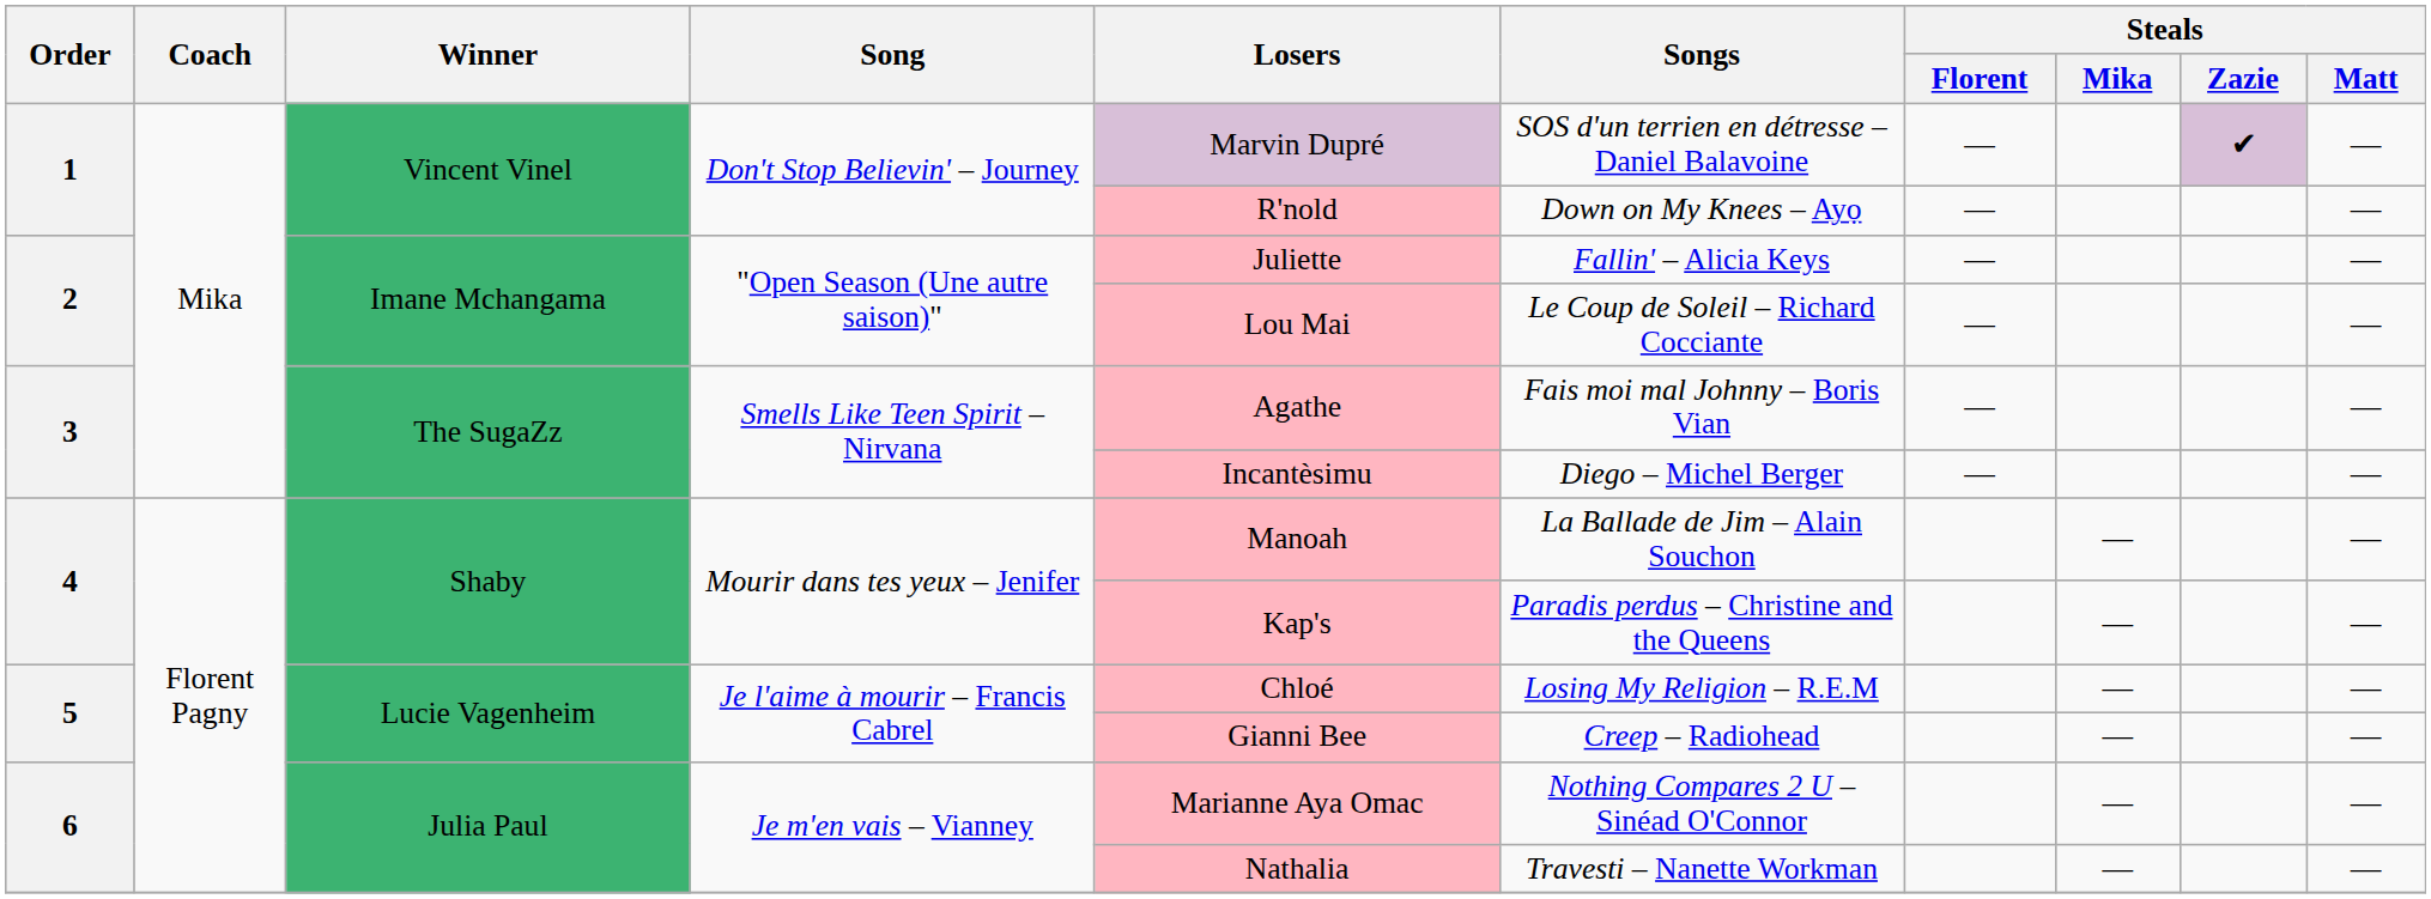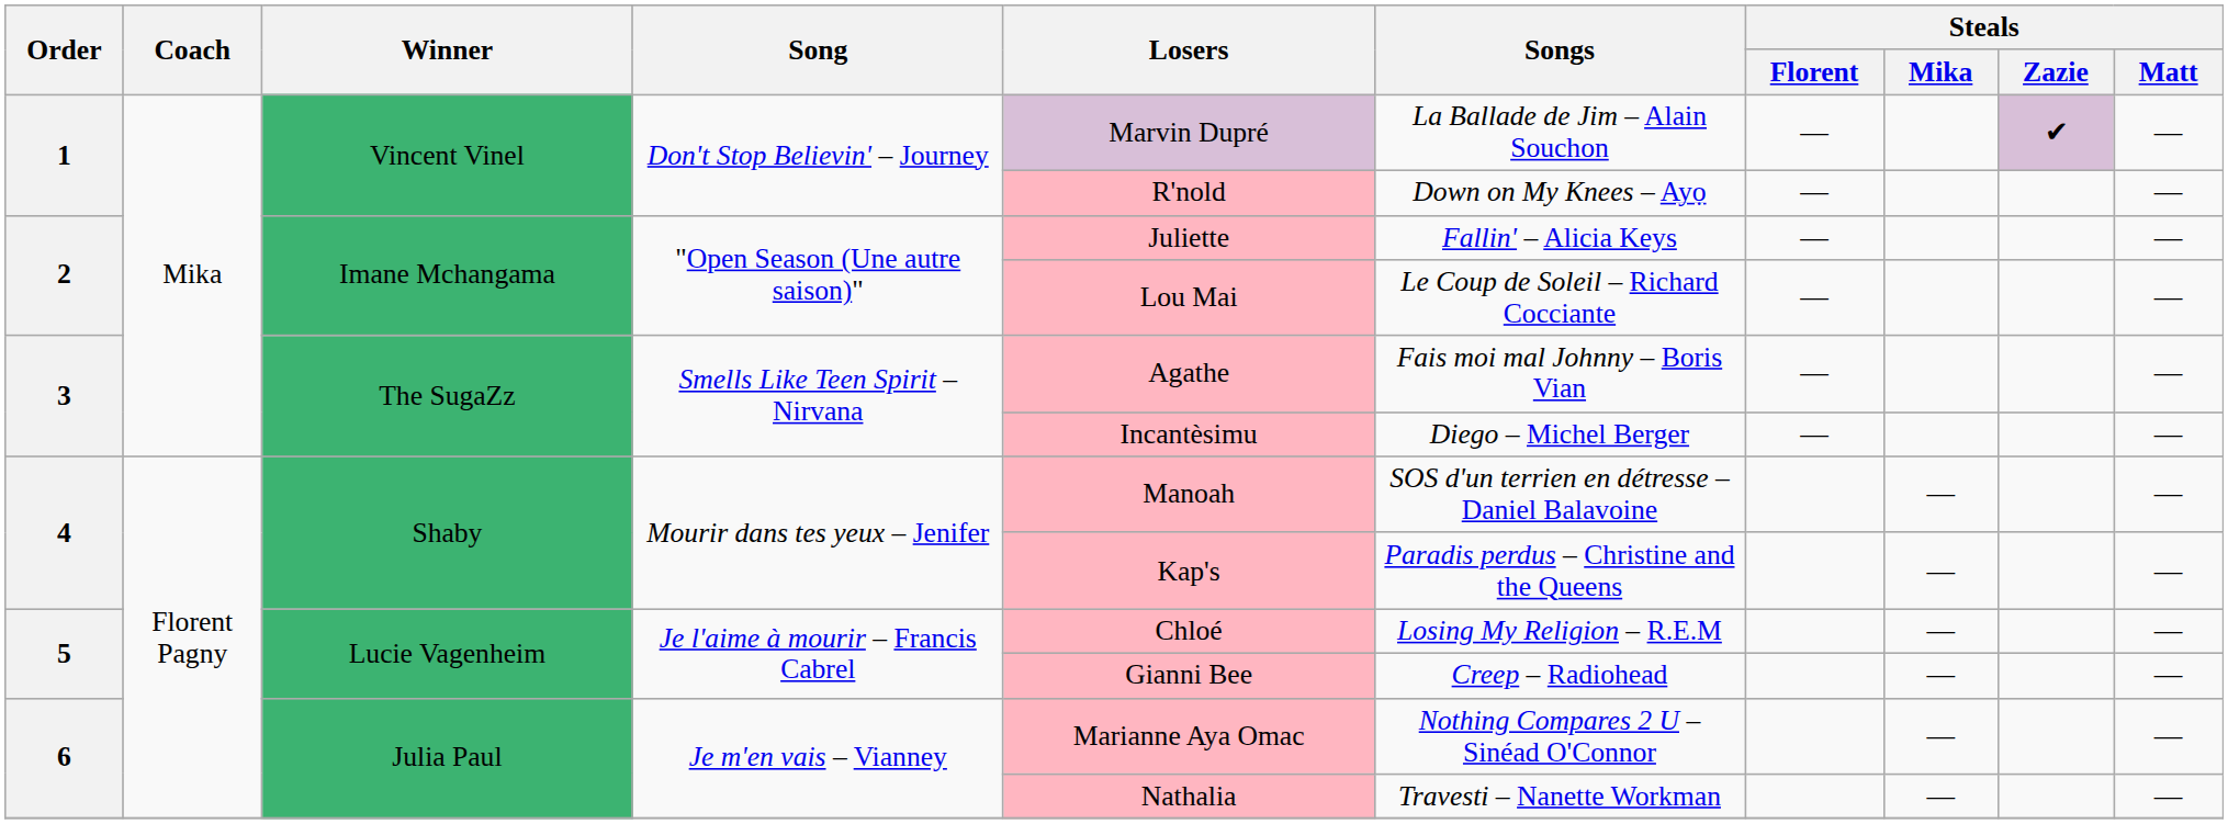 <table class="wikitable" style="text-align:center; width:100%;">
 <tr>
 <th scope="col" style="width:02%;" rowspan="2">Order</th>
 <th scope="col" style="width:03%;" rowspan="2">Coach</th>
 <th scope="col" style="width:10%;" rowspan="2">Winner</th>
 <th scope="col" style="width:10%;" rowspan="2">Song</th>
 <th scope="col" style="width:10%;" rowspan="2">Losers</th>
 <th scope="col" style="width:10%;" rowspan="2">Songs</th>
 <th scope="col" style="width:10%;" colspan="4">Steals</th>
 </tr>
 <tr>
 <th style="width:02.5%;"><a href='#'>Florent</a></th>
 <th style="width:02.5%;"><a href='#'>Mika</a></th>
 <th style="width:02.5%;"><a href='#'>Zazie</a></th>
 <th style="width:02.5%;"><a href='#'>Matt</a></th>
 </tr>
 <tr>
 <th rowspan="2">1</th>
 <td rowspan="6">Mika</td>
 <td rowspan="2" style="background:mediumseagreen">Vincent Vinel</td>
 <td rowspan="2"><em><a href='#'>Don't Stop Believin'</a></em> – <a href='#'>Journey</a></td>
 <td style="background:thistle">Marvin Dupré</td>
-<td><em>SOS d'un terrien en détresse</em> – <a href='#'>Daniel Balavoine</a></td>
+<td><em>La Ballade de Jim</em> – <a href='#'>Alain Souchon</a></td>
 <td>—</td>
 <td></td>
 <td style="background:thistle">✔</td>
 <td>—</td>
 </tr>
 <tr>
 <td style="background:lightpink">R'nold</td>
 <td><em>Down on My Knees</em> – <a href='#'>Ayọ</a></td>
 <td>—</td>
 <td></td>
 <td></td>
 <td>—</td>
 </tr>
 <tr>
 <th rowspan="2">2</th>
 <td rowspan="2" style="background:mediumseagreen">Imane Mchangama</td>
 <td rowspan="2">"<a href='#'>Open Season (Une autre saison)</a>"</td>
 <td style="background:lightpink">Juliette</td>
 <td><em><a href='#'>Fallin'</a></em> – <a href='#'>Alicia Keys</a></td>
 <td>—</td>
 <td></td>
 <td></td>
 <td>—</td>
 </tr>
 <tr>
 <td style="background:lightpink">Lou Mai</td>
 <td><em>Le Coup de Soleil</em> – <a href='#'>Richard Cocciante</a></td>
 <td>—</td>
 <td></td>
 <td></td>
 <td>—</td>
 </tr>
 <tr>
 <th rowspan="2">3</th>
 <td rowspan="2" style="background:mediumseagreen">The SugaZz</td>
 <td rowspan="2"><em><a href='#'>Smells Like Teen Spirit</a></em> – <a href='#'>Nirvana</a></td>
 <td style="background:lightpink">Agathe</td>
 <td><em>Fais moi mal Johnny</em> – <a href='#'>Boris Vian</a></td>
 <td>—</td>
 <td></td>
 <td></td>
 <td>—</td>
 </tr>
 <tr>
 <td style="background:lightpink">Incantèsimu</td>
 <td><em>Diego</em> – <a href='#'>Michel Berger</a></td>
 <td>—</td>
 <td></td>
 <td></td>
 <td>—</td>
 </tr>
 <tr>
 <th rowspan="2">4</th>
 <td rowspan="6">Florent Pagny</td>
 <td rowspan="2" style="background:mediumseagreen">Shaby</td>
 <td rowspan="2"><em>Mourir dans tes yeux</em> – <a href='#'>Jenifer</a></td>
 <td style="background:lightpink">Manoah</td>
-<td><em>La Ballade de Jim</em> – <a href='#'>Alain Souchon</a></td>
+<td><em>SOS d'un terrien en détresse</em> – <a href='#'>Daniel Balavoine</a></td>
 <td></td>
 <td>—</td>
 <td></td>
 <td>—</td>
 </tr>
 <tr>
 <td style="background:lightpink">Kap's</td>
 <td><em><a href='#'>Paradis perdus</a></em> – <a href='#'>Christine and the Queens</a></td>
 <td></td>
 <td>—</td>
 <td></td>
 <td>—</td>
 </tr>
 <tr>
 <th rowspan="2">5</th>
 <td rowspan="2" style="background:mediumseagreen">Lucie Vagenheim</td>
 <td rowspan="2"><em><a href='#'>Je l'aime à mourir</a></em> – <a href='#'>Francis Cabrel</a></td>
 <td style="background:lightpink">Chloé</td>
 <td><em><a href='#'>Losing My Religion</a></em> – <a href='#'>R.E.M</a></td>
 <td></td>
 <td>—</td>
 <td></td>
 <td>—</td>
 </tr>
 <tr>
 <td style="background:lightpink">Gianni Bee</td>
 <td><em><a href='#'>Creep</a></em> – <a href='#'>Radiohead</a></td>
 <td></td>
 <td>—</td>
 <td></td>
 <td>—</td>
 </tr>
 <tr>
 <th rowspan="2">6</th>
 <td rowspan="2" style="background:mediumseagreen">Julia Paul</td>
 <td rowspan="2"><em><a href='#'>Je m'en vais</a></em> – <a href='#'>Vianney</a></td>
 <td style="background:lightpink">Marianne Aya Omac</td>
 <td><em><a href='#'>Nothing Compares 2 U</a></em> – <a href='#'>Sinéad O'Connor</a></td>
 <td></td>
 <td>—</td>
 <td></td>
 <td>—</td>
 </tr>
 <tr>
 <td style="background:lightpink">Nathalia</td>
 <td><em>Travesti</em> – <a href='#'>Nanette Workman</a></td>
 <td></td>
 <td>—</td>
 <td></td>
 <td>—</td>
 </tr>
 <tr>
 </tr>
 </table>
